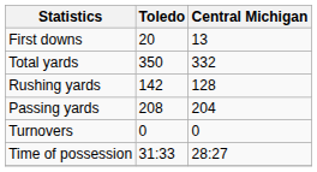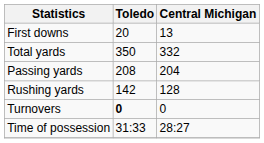 <table class="wikitable">
 <tr>
 <th>Statistics</th>
 <th>Toledo</th>
 <th>Central Michigan</th>
 </tr>
 <tr>
 <td>First downs</td>
 <td>20</td>
 <td>13</td>
 </tr>
 <tr>
 <td>Total yards</td>
 <td>350</td>
 <td>332</td>
 </tr>
 <tr>
+<td>Passing yards</td>
+<td>208</td>
+<td>204</td>
+</tr>
+<tr>
 <td>Rushing yards</td>
 <td>142</td>
 <td>128</td>
 </tr>
 <tr>
-<td>Passing yards</td>
-<td>208</td>
-<td>204</td>
-</tr>
-<tr>
 <td>Turnovers</td>
-<td>0</td>
+<td><strong>0</strong></td>
 <td>0</td>
 </tr>
 <tr>
 <td>Time of possession</td>
 <td>31:33</td>
 <td>28:27</td>
 </tr>
 <tr>
 </tr>
 </table>
